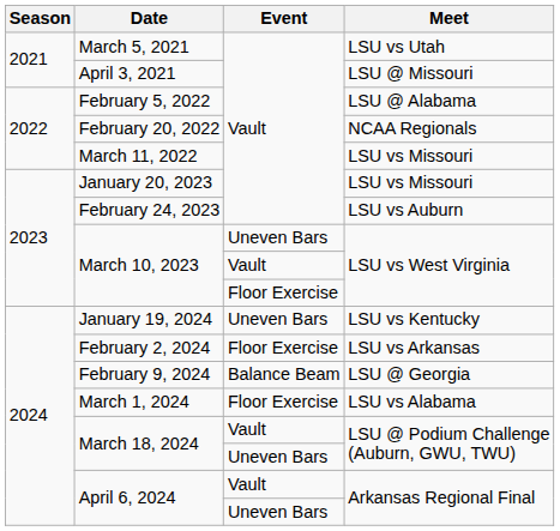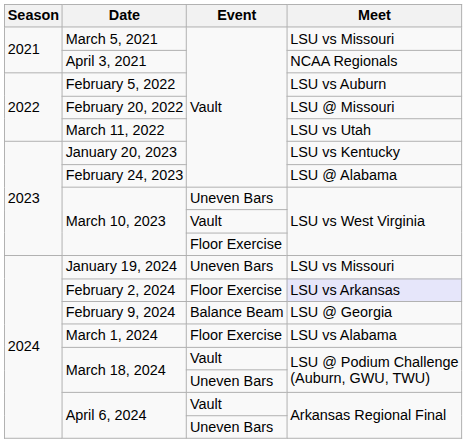 <table class="wikitable">
 <tr>
 <th>Season</th>
 <th>Date</th>
 <th>Event</th>
 <th>Meet</th>
 </tr>
 <tr>
 <td rowspan="2">2021</td>
 <td>March 5, 2021</td>
 <td rowspan="7">Vault</td>
-<td>LSU vs Utah</td>
+<td>LSU vs Missouri</td>
 </tr>
 <tr>
 <td>April 3, 2021</td>
-<td>LSU @ Missouri</td>
+<td>NCAA Regionals</td>
 </tr>
 <tr>
 <td rowspan="3">2022</td>
 <td>February 5, 2022</td>
-<td>LSU @ Alabama</td>
+<td>LSU vs Auburn</td>
 </tr>
 <tr>
 <td>February 20, 2022</td>
-<td>NCAA Regionals</td>
+<td>LSU @ Missouri</td>
 </tr>
 <tr>
 <td>March 11, 2022</td>
-<td>LSU vs Missouri</td>
+<td>LSU vs Utah</td>
 </tr>
 <tr>
 <td rowspan="5">2023</td>
 <td>January 20, 2023</td>
-<td>LSU vs Missouri</td>
+<td>LSU vs Kentucky</td>
 </tr>
 <tr>
 <td>February 24, 2023</td>
-<td>LSU vs Auburn</td>
+<td>LSU @ Alabama</td>
 </tr>
 <tr>
 <td rowspan="3">March 10, 2023</td>
 <td>Uneven Bars</td>
 <td rowspan="3">LSU vs West Virginia</td>
 </tr>
 <tr>
 <td>Vault</td>
 </tr>
 <tr>
 <td>Floor Exercise</td>
 </tr>
 <tr>
 <td rowspan="8">2024</td>
 <td>January 19, 2024</td>
 <td>Uneven Bars</td>
-<td>LSU vs Kentucky</td>
+<td>LSU vs Missouri</td>
 </tr>
 <tr>
 <td>February 2, 2024</td>
 <td>Floor Exercise</td>
-<td>LSU vs Arkansas</td>
+<td style="background: lavender;">LSU vs Arkansas</td>
 </tr>
 <tr>
 <td>February 9, 2024</td>
 <td>Balance Beam</td>
 <td>LSU @ Georgia</td>
 </tr>
 <tr>
 <td>March 1, 2024</td>
 <td>Floor Exercise</td>
 <td>LSU vs Alabama</td>
 </tr>
 <tr>
 <td rowspan="2">March 18, 2024</td>
 <td>Vault</td>
 <td rowspan="2">LSU @ Podium Challenge<br>(Auburn, GWU, TWU)</td>
 </tr>
 <tr>
 <td>Uneven Bars</td>
 </tr>
 <tr>
 <td rowspan="2">April 6, 2024</td>
 <td>Vault</td>
 <td rowspan="2">Arkansas Regional Final</td>
 </tr>
 <tr>
 <td>Uneven Bars</td>
 </tr>
 </table>
